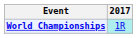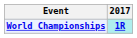 <table style='font-size: 90%; text-align:center;' class='wikitable'>
 <tr>
 <th>Event</th>
 <th>2017</th>
 </tr>
 <tr>
 <td bgcolor="#ECF2FF"; align="left"><strong><a href='#'>World Championships</a></strong></td>
-<td bgcolor=AFEEEE><a href='#'>1R</a></td>
+<td bgcolor=AFEEEE><strong><a href='#'>1R</a></strong></td>
 </tr>
 </table>
